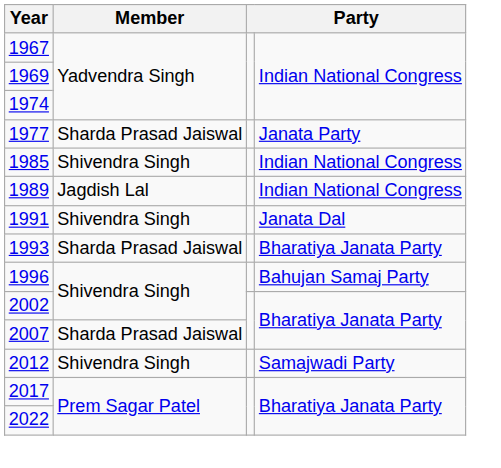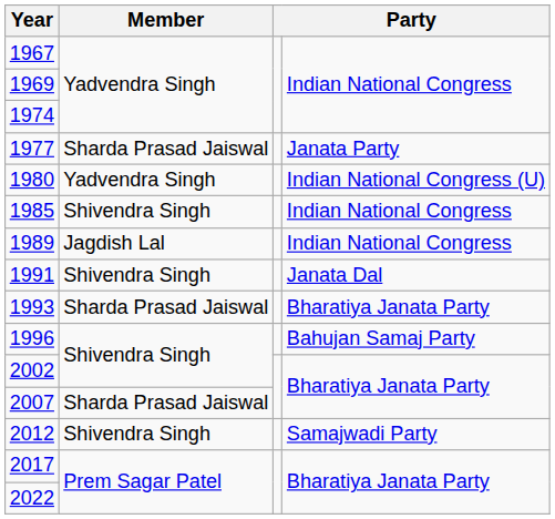 <table class="wikitable">
 <tr>
 <th>Year</th>
 <th>Member</th>
 <th colspan="2">Party</th>
 </tr>
 <tr>
 <td><a href='#'>1967</a></td>
 <td rowspan="3">Yadvendra Singh</td>
 <td rowspan="3" style="background-color: "></td>
 <td rowspan="3"><a href='#'>Indian National Congress</a></td>
 </tr>
 <tr>
 <td><a href='#'>1969</a></td>
 </tr>
 <tr>
 <td><a href='#'>1974</a></td>
 </tr>
 <tr>
 <td><a href='#'>1977</a></td>
 <td>Sharda Prasad Jaiswal</td>
 <td style="background-color: "></td>
 <td><a href='#'>Janata Party</a></td>
+</tr>
+<tr>
+<td><a href='#'>1980</a></td>
+<td>Yadvendra Singh</td>
+<td style="background-color: "></td>
+<td><a href='#'>Indian National Congress (U)</a></td>
 </tr>
 <tr>
 <td><a href='#'>1985</a></td>
 <td>Shivendra Singh</td>
 <td style="background-color: "></td>
 <td><a href='#'>Indian National Congress</a></td>
 </tr>
 <tr>
 <td><a href='#'>1989</a></td>
 <td>Jagdish Lal</td>
 <td style="background-color: "></td>
 <td><a href='#'>Indian National Congress</a></td>
 </tr>
 <tr>
 <td><a href='#'>1991</a></td>
 <td>Shivendra Singh</td>
 <td style="background-color: "></td>
 <td><a href='#'>Janata Dal</a></td>
 </tr>
 <tr>
 <td><a href='#'>1993</a></td>
 <td>Sharda Prasad Jaiswal</td>
 <td style="background-color: "></td>
 <td><a href='#'>Bharatiya Janata Party</a></td>
 </tr>
 <tr>
 <td><a href='#'>1996</a></td>
 <td rowspan="2">Shivendra Singh</td>
 <td style="background-color: "></td>
 <td><a href='#'>Bahujan Samaj Party</a></td>
 </tr>
 <tr>
 <td><a href='#'>2002</a></td>
 <td rowspan="2" style="background-color: "></td>
 <td rowspan="2"><a href='#'>Bharatiya Janata Party</a></td>
 </tr>
 <tr>
 <td><a href='#'>2007</a></td>
 <td>Sharda Prasad Jaiswal</td>
 </tr>
 <tr>
 <td><a href='#'>2012</a></td>
 <td>Shivendra Singh</td>
 <td style="background-color: "></td>
 <td><a href='#'>Samajwadi Party</a></td>
 </tr>
 <tr>
 <td><a href='#'>2017</a></td>
 <td rowspan="2"><a href='#'>Prem Sagar Patel</a></td>
 <td rowspan="2" style="background-color: "></td>
 <td rowspan="2"><a href='#'>Bharatiya Janata Party</a></td>
 </tr>
 <tr>
 <td><a href='#'>2022</a></td>
 </tr>
 </table>
